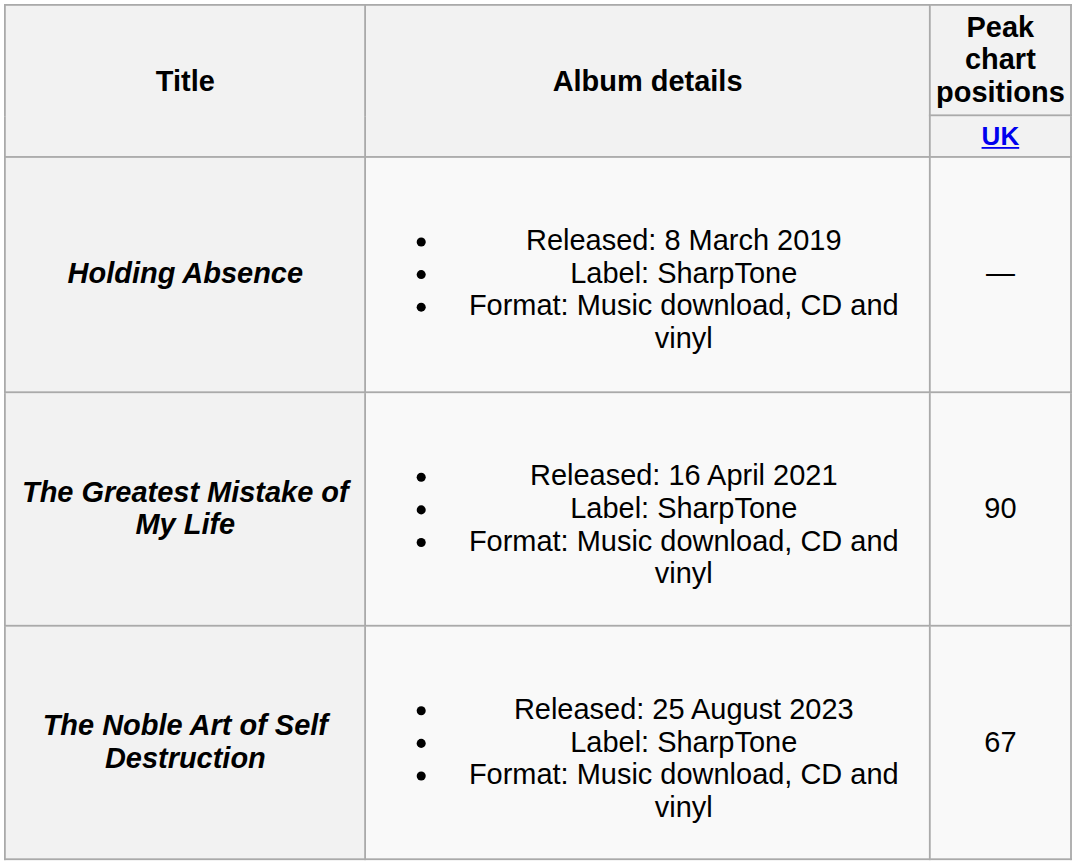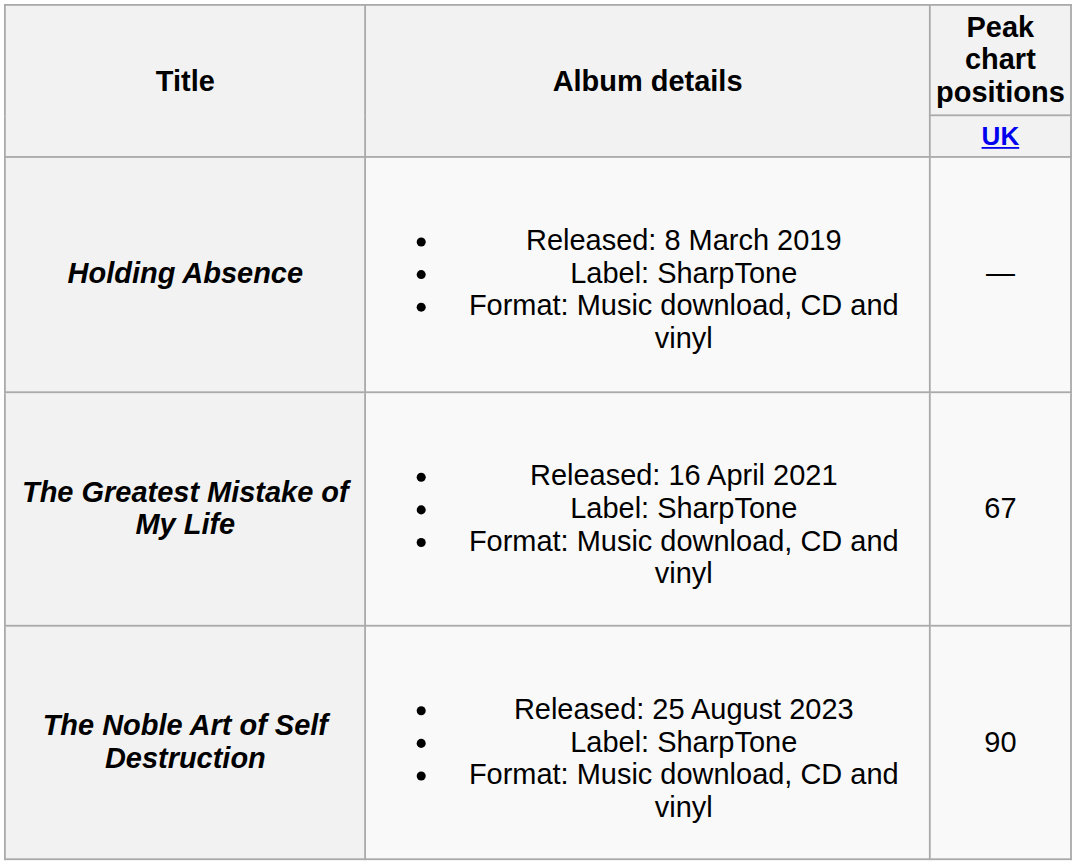 <table class="wikitable plainrowheaders" style="text-align:center;">
 <tr>
 <th scope="col" rowspan="2" style="width:12em;">Title</th>
 <th scope="col" rowspan="2" style="width:19em;">Album details</th>
 <th scope="col" colspan="1">Peak chart positions</th>
 </tr>
 <tr>
 <th scope="col" style="width:2.5em;font-size:90%;"><a href='#'>UK</a><br></th>
 </tr>
 <tr>
 <th scope="row"><em>Holding Absence</em></th>
 <td><br><ul><li>Released: 8 March 2019</li><li>Label: SharpTone</li><li>Format: Music download, CD and vinyl</li></ul></td>
 <td>—</td>
 </tr>
 <tr>
 <th scope="row"><em>The Greatest Mistake of My Life</em></th>
 <td><br><ul><li>Released: 16 April 2021</li><li>Label: SharpTone</li><li>Format: Music download, CD and vinyl</li></ul></td>
-<td>90</td>
+<td>67</td>
 </tr>
 <tr>
 <th scope="row"><em>The Noble Art of Self Destruction</em></th>
 <td><br><ul><li>Released: 25 August 2023</li><li>Label: SharpTone</li><li>Format: Music download, CD and vinyl</li></ul></td>
-<td>67</td>
+<td>90</td>
 </tr>
 </table>
